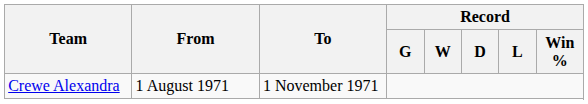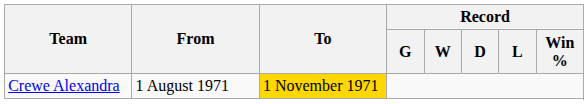 <table class="wikitable" style="text-align: center">
 <tr>
 <th rowspan=2 width=120>Team</th>
 <th rowspan=2 width=120>From</th>
 <th rowspan=2 width=120>To</th>
 <th colspan=5>Record</th>
 </tr>
 <tr>
 <th width=30>G</th>
 <th width=30>W</th>
 <th width=30>D</th>
 <th width=30>L</th>
 <th width=40>Win %</th>
 </tr>
 <tr>
 <td align=left><a href='#'>Crewe Alexandra</a></td>
 <td align=left>1 August 1971</td>
-<td align=left>1 November 1971<br></td>
+<td align=left style="background: gold;">1 November 1971<br></td>
 </tr>
 <tr>
 </tr>
 </table>
